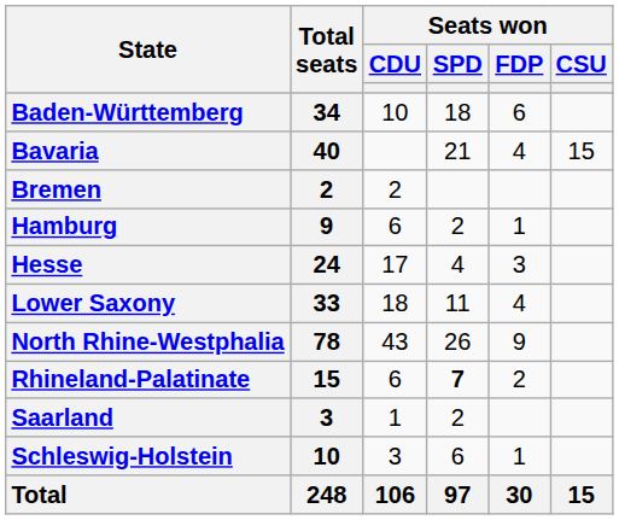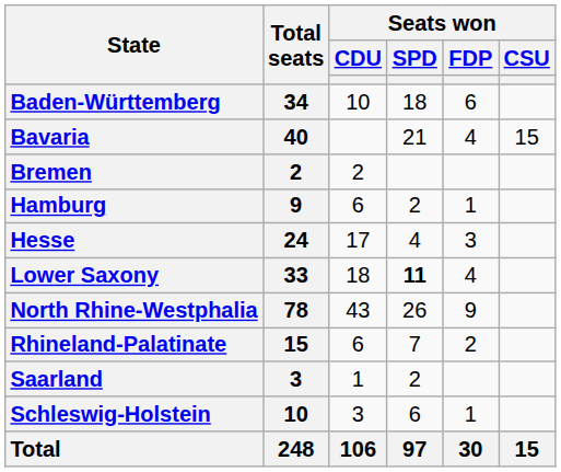 <table class="wikitable" style="text-align:center; font-size: 0.9em;">
 <tr>
 <th rowspan="3">State</th>
 <th rowspan="3">Total<br>seats</th>
 <th colspan="4">Seats won</th>
 </tr>
 <tr>
 <th class="unsortable" style="width:30px;"><a href='#'>CDU</a></th>
 <th class="unsortable" style="width:30px;"><a href='#'>SPD</a></th>
 <th class="unsortable" style="width:30px;"><a href='#'>FDP</a></th>
 <th class="unsortable" style="width:30px;"><a href='#'>CSU</a></th>
 </tr>
 <tr>
 <th style="background:"></th>
 <th style="background:"></th>
 <th style="background:"></th>
 <th style="background:"></th>
 </tr>
 <tr>
 <th style="text-align: left;"><a href='#'>Baden-Württemberg</a></th>
 <th>34</th>
 <td>10</td>
 <td>18</td>
 <td>6</td>
 <td></td>
 </tr>
 <tr>
 <th style="text-align: left;"><a href='#'>Bavaria</a></th>
 <th>40</th>
 <td></td>
 <td>21</td>
 <td>4</td>
 <td>15</td>
 </tr>
 <tr>
 <th style="text-align: left;"><a href='#'>Bremen</a></th>
 <th>2</th>
 <td>2</td>
 <td></td>
 <td></td>
 <td></td>
 </tr>
 <tr>
 <th style="text-align: left;"><a href='#'>Hamburg</a></th>
 <th>9</th>
 <td>6</td>
 <td>2</td>
 <td>1</td>
 <td></td>
 </tr>
 <tr>
 <th style="text-align: left;"><a href='#'>Hesse</a></th>
 <th>24</th>
 <td>17</td>
 <td>4</td>
 <td>3</td>
 <td></td>
 </tr>
 <tr>
 <th style="text-align: left;"><a href='#'>Lower Saxony</a></th>
 <th>33</th>
 <td>18</td>
-<td>11</td>
+<td><strong>11</strong></td>
 <td>4</td>
 <td></td>
 </tr>
 <tr>
 <th style="text-align: left;"><a href='#'>North Rhine-Westphalia</a></th>
 <th>78</th>
 <td>43</td>
 <td>26</td>
 <td>9</td>
 <td></td>
 </tr>
 <tr>
 <th style="text-align: left;"><a href='#'>Rhineland-Palatinate</a></th>
 <th>15</th>
 <td>6</td>
-<td><strong>7</strong></td>
+<td>7</td>
 <td>2</td>
 <td></td>
 </tr>
 <tr>
 <th style="text-align: left;"><a href='#'>Saarland</a></th>
 <th>3</th>
 <td>1</td>
 <td>2</td>
 <td></td>
 <td></td>
 </tr>
 <tr>
 <th style="text-align: left;"><a href='#'>Schleswig-Holstein</a></th>
 <th>10</th>
 <td>3</td>
 <td>6</td>
 <td>1</td>
 <td></td>
 </tr>
 <tr class="sortbottom">
 <th style="text-align: left;">Total</th>
 <th>248</th>
 <th>106</th>
 <th>97</th>
 <th>30</th>
 <th>15</th>
 </tr>
 </table>
